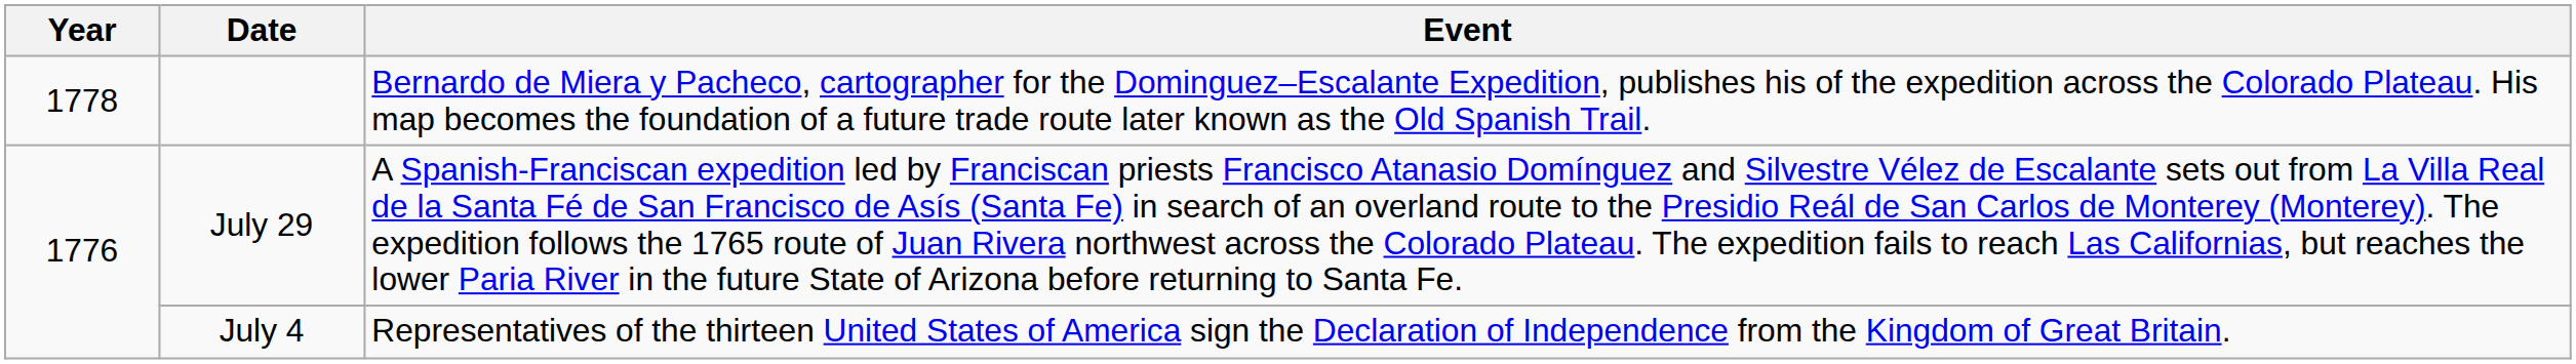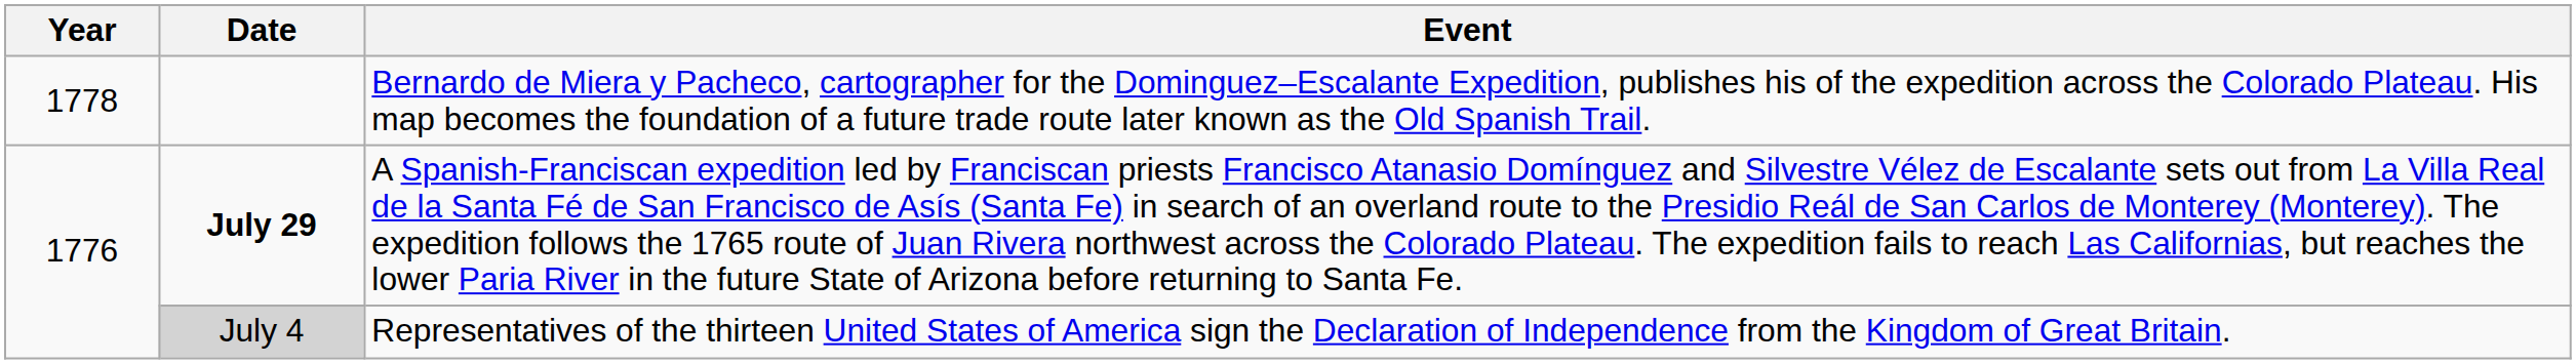 <table class="wikitable" style="width:100%;">
 <tr>
 <th style="width:6%">Year</th>
 <th style="width:8%">Date</th>
 <th style="width:86%">Event</th>
 </tr>
 <tr>
 <td align=center rowspan=1>1778</td>
 <td></td>
 <td><a href='#'>Bernardo de Miera y Pacheco</a>, <a href='#'>cartographer</a> for the <a href='#'>Dominguez–Escalante Expedition</a>, publishes his  of the expedition across the <a href='#'>Colorado Plateau</a>. His map becomes the foundation of a future trade route later known as the <a href='#'>Old Spanish Trail</a>.</td>
 </tr>
 <tr>
 <td align=center rowspan=2>1776</td>
-<td align=center>July 29</td>
+<td align=center><strong>July 29</strong></td>
 <td>A <a href='#'>Spanish-Franciscan expedition</a> led by <a href='#'>Franciscan</a> priests <a href='#'>Francisco Atanasio Domínguez</a> and <a href='#'>Silvestre Vélez de Escalante</a> sets out from <a href='#'>La Villa Real de la Santa Fé de San Francisco de Asís (Santa Fe)</a> in search of an overland route to the <a href='#'>Presidio Reál de San Carlos de Monterey (Monterey)</a>. The expedition follows the 1765 route of <a href='#'>Juan Rivera</a> northwest across the <a href='#'>Colorado Plateau</a>. The expedition fails to reach <a href='#'>Las Californias</a>, but reaches the lower <a href='#'>Paria River</a> in the future State of Arizona before returning to Santa Fe.</td>
 </tr>
 <tr>
-<td align=center>July 4</td>
+<td align=center style="background: lightgrey;">July 4</td>
 <td>Representatives of the thirteen <a href='#'>United States of America</a> sign the <a href='#'>Declaration of Independence</a> from the <a href='#'>Kingdom of Great Britain</a>.</td>
 </tr>
 </table>
